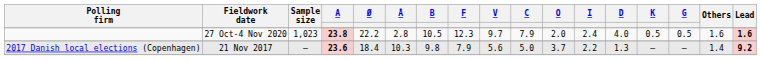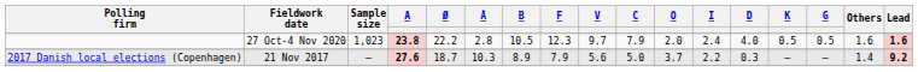 <table class="wikitable sortable mw-datatable" style="text-align:center;font-size:90%;line-height:14px;">
 <tr>
 <th rowspan="2">Polling<br>firm</th>
 <th rowspan="2">Fieldwork<br>date</th>
 <th rowspan="2">Sample<br>size</th>
 <th class="unsortable" style="width:40px;"><a href='#'>A</a></th>
 <th class="unsortable" style="width:40px;"><a href='#'>Ø</a></th>
 <th class="unsortable" style="width:40px;"><a href='#'>Å</a></th>
 <th class="unsortable" style="width:40px;"><a href='#'>B</a></th>
 <th class="unsortable" style="width:40px;"><a href='#'>F</a></th>
 <th class="unsortable" style="width:40px;"><a href='#'>V</a></th>
 <th class="unsortable" style="width:40px;"><a href='#'>C</a></th>
 <th class="unsortable" style="width:40px;"><a href='#'>O</a></th>
 <th class="unsortable" style="width:40px;"><a href='#'>I</a></th>
 <th class="unsortable" style="width:40px;"><a href='#'>D</a></th>
 <th class="unsortable" style="width:40px;"><a href='#'>K</a></th>
 <th class="unsortable" style="width:40px;"><a href='#'>G</a></th>
 <th class="unsortable" style="width:40px;" rowspan="2">Others</th>
 <th rowspan="2">Lead</th>
 </tr>
 <tr>
 <th data-sort-type="number" style="background:"></th>
 <th data-sort-type="number" style="background:"></th>
 <th data-sort-type="number" style="background:"></th>
 <th data-sort-type="number" style="background:"></th>
 <th data-sort-type="number" style="background:"></th>
 <th data-sort-type="number" style="background:"></th>
 <th data-sort-type="number" style="background:"></th>
 <th data-sort-type="number" style="background:"></th>
 <th data-sort-type="number" style="background:"></th>
 <th data-sort-type="number" style="background:"></th>
 <th data-sort-type="number" style="background:"></th>
 <th data-sort-type="number" style="background:"></th>
 </tr>
 <tr>
 </tr>
 <tr>
 <td></td>
 <td>27 Oct-4 Nov 2020</td>
 <td>1,023</td>
 <td style="background:#FACECD;"><strong>23.8</strong></td>
 <td>22.2</td>
 <td>2.8</td>
 <td>10.5</td>
 <td>12.3</td>
 <td>9.7</td>
 <td>7.9</td>
 <td>2.0</td>
 <td>2.4</td>
 <td>4.0</td>
 <td>0.5</td>
 <td>0.5</td>
 <td>1.6</td>
 <td style="background:#FACECD;"><strong>1.6</strong></td>
 </tr>
 <tr>
 </tr>
 <tr>
 <td style="background:#E9E9E9;"><a href='#'>2017 Danish local elections</a> (Copenhagen)</td>
 <td style="background:#E9E9E9;" data-sort-value="2017-11-21">21 Nov 2017</td>
 <td style="background:#E9E9E9;">–</td>
-<td style="background:#FACECD;"><strong>23.6</strong></td>
-<td style="background:#E9E9E9;">18.4</td>
+<td style="background:#FACECD;"><strong>27.6</strong></td>
+<td style="background:#E9E9E9;">18.7</td>
 <td style="background:#E9E9E9;">10.3</td>
-<td style="background:#E9E9E9;">9.8</td>
+<td style="background:#E9E9E9;">8.9</td>
 <td style="background:#E9E9E9;">7.9</td>
 <td style="background:#E9E9E9;">5.6</td>
 <td style="background:#E9E9E9;">5.0</td>
 <td style="background:#E9E9E9;">3.7</td>
 <td style="background:#E9E9E9;">2.2</td>
-<td style="background:#E9E9E9;">1.3</td>
+<td style="background:#E9E9E9;">0.3</td>
 <td style="background:#E9E9E9;">—</td>
 <td style="background:#E9E9E9;">—</td>
 <td style="background:#E9E9E9;">1.4</td>
 <td style="background:#FACECD;"><strong>9.2</strong></td>
 </tr>
 <tr>
 </tr>
 </table>
